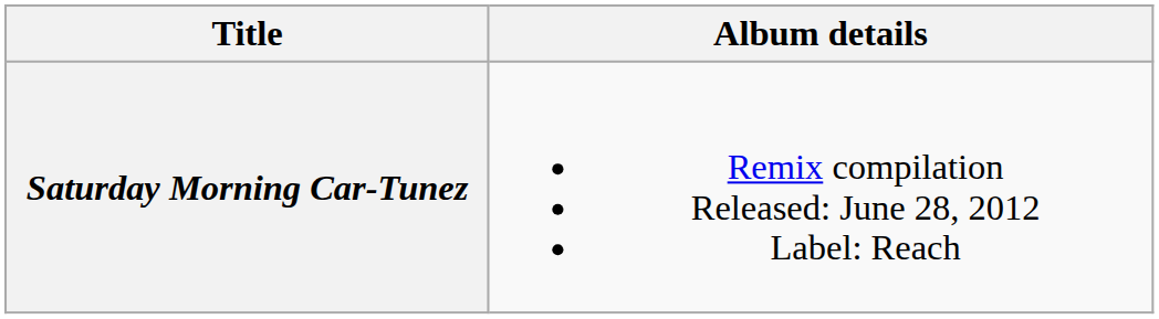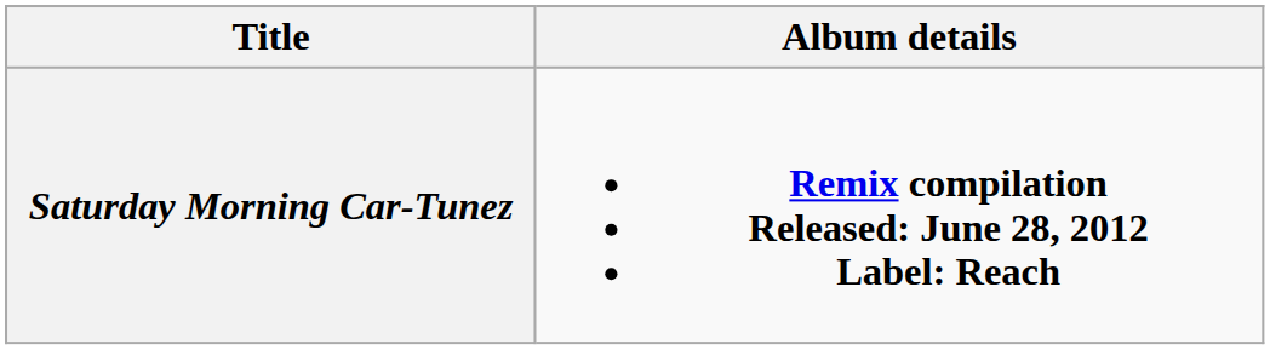 <table class="wikitable plainrowheaders" style="text-align:center;" border="1">
 <tr>
 <th scope="col" style="width:13em;">Title</th>
 <th scope="col" style="width:18em;">Album details</th>
 </tr>
 <tr>
 <th scope="row"><em>Saturday Morning Car-Tunez</em></th>
-<td><br><ul><li><a href='#'>Remix</a> compilation</li><li>Released: June 28, 2012</li><li>Label: Reach</li></ul></td>
+<td><strong><br><ul><li><a href='#'>Remix</a> compilation</li><li>Released: June 28, 2012</li><li>Label: Reach</li></ul></strong></td>
 </tr>
 </table>
